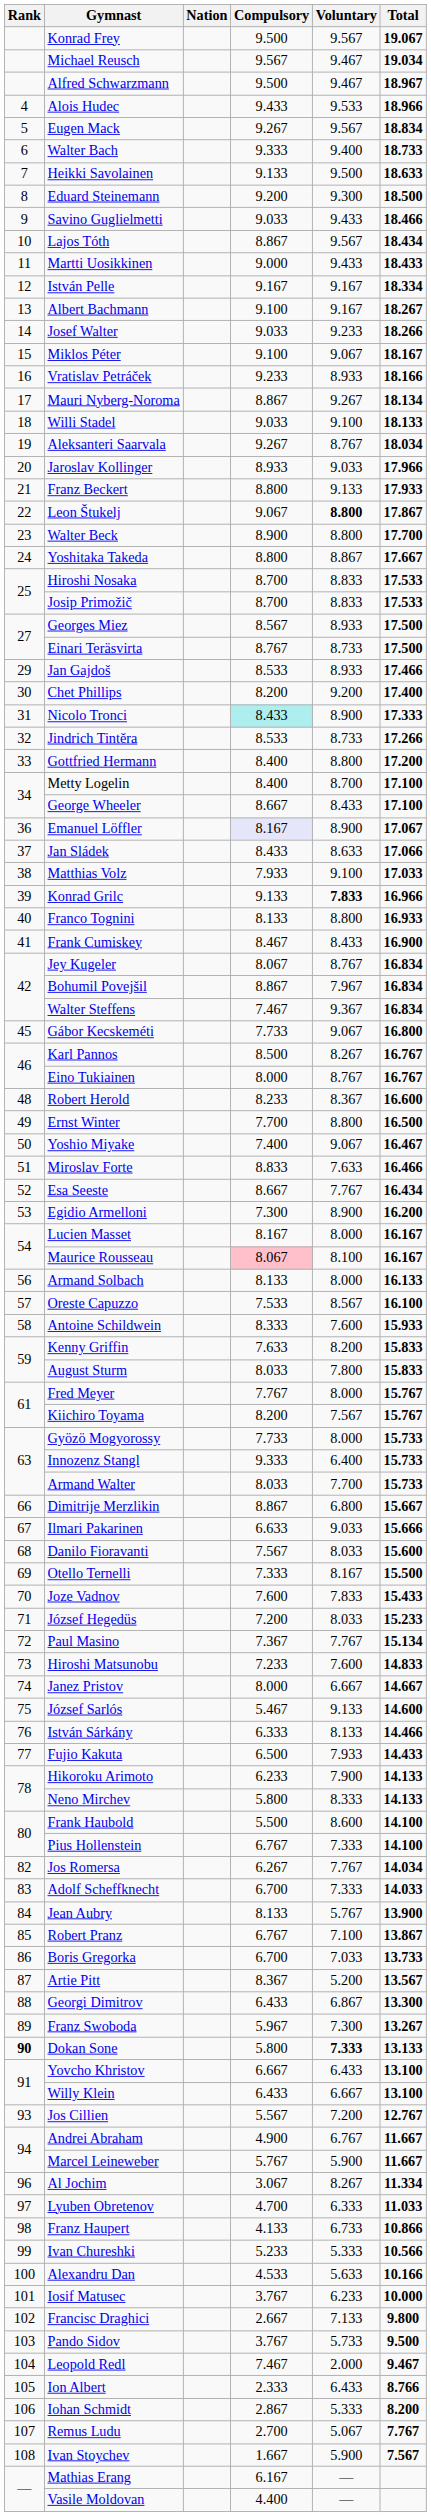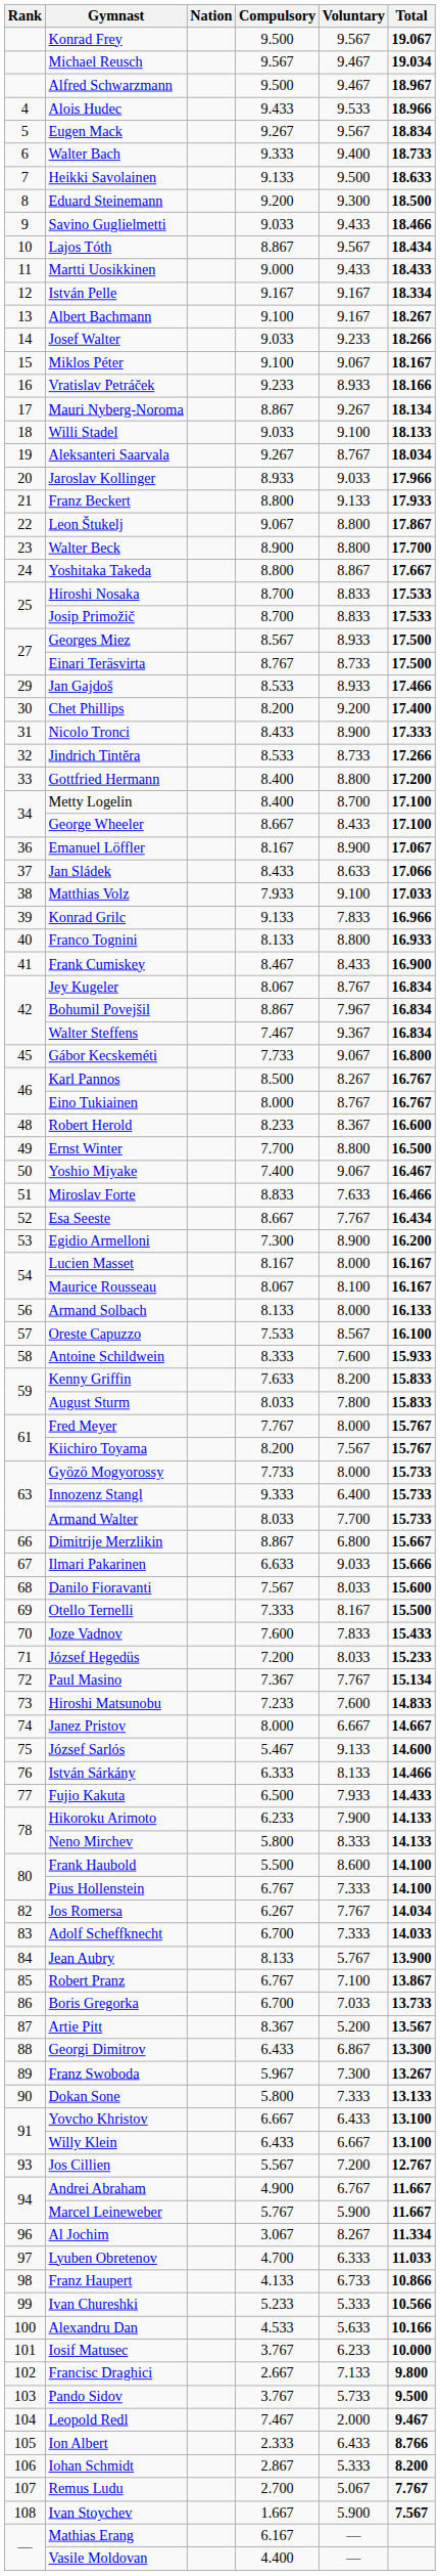 <table class="wikitable sortable" style="text-align:center">
 <tr>
 <th>Rank</th>
 <th>Gymnast</th>
 <th>Nation</th>
 <th>Compulsory</th>
 <th>Voluntary</th>
 <th>Total</th>
 </tr>
 <tr>
 <td></td>
 <td align=left><a href='#'>Konrad Frey</a></td>
 <td align=left></td>
 <td>9.500</td>
 <td>9.567</td>
 <td><strong>19.067</strong></td>
 </tr>
 <tr>
 <td></td>
 <td align=left><a href='#'>Michael Reusch</a></td>
 <td align=left></td>
 <td>9.567</td>
 <td>9.467</td>
 <td><strong>19.034</strong></td>
 </tr>
 <tr>
 <td></td>
 <td align=left><a href='#'>Alfred Schwarzmann</a></td>
 <td align=left></td>
 <td>9.500</td>
 <td>9.467</td>
 <td><strong>18.967</strong></td>
 </tr>
 <tr>
 <td>4</td>
 <td align=left><a href='#'>Alois Hudec</a></td>
 <td align=left></td>
 <td>9.433</td>
 <td>9.533</td>
 <td><strong>18.966</strong></td>
 </tr>
 <tr>
 <td>5</td>
 <td align=left><a href='#'>Eugen Mack</a></td>
 <td align=left></td>
 <td>9.267</td>
 <td>9.567</td>
 <td><strong>18.834</strong></td>
 </tr>
 <tr>
 <td>6</td>
 <td align=left><a href='#'>Walter Bach</a></td>
 <td align=left></td>
 <td>9.333</td>
 <td>9.400</td>
 <td><strong>18.733</strong></td>
 </tr>
 <tr>
 <td>7</td>
 <td align=left><a href='#'>Heikki Savolainen</a></td>
 <td align=left></td>
 <td>9.133</td>
 <td>9.500</td>
 <td><strong>18.633</strong></td>
 </tr>
 <tr>
 <td>8</td>
 <td align=left><a href='#'>Eduard Steinemann</a></td>
 <td align=left></td>
 <td>9.200</td>
 <td>9.300</td>
 <td><strong>18.500</strong></td>
 </tr>
 <tr>
 <td>9</td>
 <td align=left><a href='#'>Savino Guglielmetti</a></td>
 <td align=left></td>
 <td>9.033</td>
 <td>9.433</td>
 <td><strong>18.466</strong></td>
 </tr>
 <tr>
 <td>10</td>
 <td align=left><a href='#'>Lajos Tóth</a></td>
 <td align=left></td>
 <td>8.867</td>
 <td>9.567</td>
 <td><strong>18.434</strong></td>
 </tr>
 <tr>
 <td>11</td>
 <td align=left><a href='#'>Martti Uosikkinen</a></td>
 <td align=left></td>
 <td>9.000</td>
 <td>9.433</td>
 <td><strong>18.433</strong></td>
 </tr>
 <tr>
 <td>12</td>
 <td align=left><a href='#'>István Pelle</a></td>
 <td align=left></td>
 <td>9.167</td>
 <td>9.167</td>
 <td><strong>18.334</strong></td>
 </tr>
 <tr>
 <td>13</td>
 <td align=left><a href='#'>Albert Bachmann</a></td>
 <td align=left></td>
 <td>9.100</td>
 <td>9.167</td>
 <td><strong>18.267</strong></td>
 </tr>
 <tr>
 <td>14</td>
 <td align=left><a href='#'>Josef Walter</a></td>
 <td align=left></td>
 <td>9.033</td>
 <td>9.233</td>
 <td><strong>18.266</strong></td>
 </tr>
 <tr>
 <td>15</td>
 <td align=left><a href='#'>Miklos Péter</a></td>
 <td align=left></td>
 <td>9.100</td>
 <td>9.067</td>
 <td><strong>18.167</strong></td>
 </tr>
 <tr>
 <td>16</td>
 <td align=left><a href='#'>Vratislav Petráček</a></td>
 <td align=left></td>
 <td>9.233</td>
 <td>8.933</td>
 <td><strong>18.166</strong></td>
 </tr>
 <tr>
 <td>17</td>
 <td align=left><a href='#'>Mauri Nyberg-Noroma</a></td>
 <td align=left></td>
 <td>8.867</td>
 <td>9.267</td>
 <td><strong>18.134</strong></td>
 </tr>
 <tr>
 <td>18</td>
 <td align=left><a href='#'>Willi Stadel</a></td>
 <td align=left></td>
 <td>9.033</td>
 <td>9.100</td>
 <td><strong>18.133</strong></td>
 </tr>
 <tr>
 <td>19</td>
 <td align=left><a href='#'>Aleksanteri Saarvala</a></td>
 <td align=left></td>
 <td>9.267</td>
 <td>8.767</td>
 <td><strong>18.034</strong></td>
 </tr>
 <tr>
 <td>20</td>
 <td align=left><a href='#'>Jaroslav Kollinger</a></td>
 <td align=left></td>
 <td>8.933</td>
 <td>9.033</td>
 <td><strong>17.966</strong></td>
 </tr>
 <tr>
 <td>21</td>
 <td align=left><a href='#'>Franz Beckert</a></td>
 <td align=left></td>
 <td>8.800</td>
 <td>9.133</td>
 <td><strong>17.933</strong></td>
 </tr>
 <tr>
 <td>22</td>
 <td align=left><a href='#'>Leon Štukelj</a></td>
 <td align=left></td>
 <td>9.067</td>
-<td><strong>8.800</strong></td>
+<td>8.800</td>
 <td><strong>17.867</strong></td>
 </tr>
 <tr>
 <td>23</td>
 <td align=left><a href='#'>Walter Beck</a></td>
 <td align=left></td>
 <td>8.900</td>
 <td>8.800</td>
 <td><strong>17.700</strong></td>
 </tr>
 <tr>
 <td>24</td>
 <td align=left><a href='#'>Yoshitaka Takeda</a></td>
 <td align=left></td>
 <td>8.800</td>
 <td>8.867</td>
 <td><strong>17.667</strong></td>
 </tr>
 <tr>
 <td rowspan=2>25</td>
 <td align=left><a href='#'>Hiroshi Nosaka</a></td>
 <td align=left></td>
 <td>8.700</td>
 <td>8.833</td>
 <td><strong>17.533</strong></td>
 </tr>
 <tr>
 <td align=left><a href='#'>Josip Primožič</a></td>
 <td align=left></td>
 <td>8.700</td>
 <td>8.833</td>
 <td><strong>17.533</strong></td>
 </tr>
 <tr>
 <td rowspan=2>27</td>
 <td align=left><a href='#'>Georges Miez</a></td>
 <td align=left></td>
 <td>8.567</td>
 <td>8.933</td>
 <td><strong>17.500</strong></td>
 </tr>
 <tr>
 <td align=left><a href='#'>Einari Teräsvirta</a></td>
 <td align=left></td>
 <td>8.767</td>
 <td>8.733</td>
 <td><strong>17.500</strong></td>
 </tr>
 <tr>
 <td>29</td>
 <td align=left><a href='#'>Jan Gajdoš</a></td>
 <td align=left></td>
 <td>8.533</td>
 <td>8.933</td>
 <td><strong>17.466</strong></td>
 </tr>
 <tr>
 <td>30</td>
 <td align=left><a href='#'>Chet Phillips</a></td>
 <td align=left></td>
 <td>8.200</td>
 <td>9.200</td>
 <td><strong>17.400</strong></td>
 </tr>
 <tr>
 <td>31</td>
 <td align=left><a href='#'>Nicolo Tronci</a></td>
 <td align=left></td>
-<td style="background: paleturquoise;">8.433</td>
+<td>8.433</td>
 <td>8.900</td>
 <td><strong>17.333</strong></td>
 </tr>
 <tr>
 <td>32</td>
 <td align=left><a href='#'>Jindrich Tintěra</a></td>
 <td align=left></td>
 <td>8.533</td>
 <td>8.733</td>
 <td><strong>17.266</strong></td>
 </tr>
 <tr>
 <td>33</td>
 <td align=left><a href='#'>Gottfried Hermann</a></td>
 <td align=left></td>
 <td>8.400</td>
 <td>8.800</td>
 <td><strong>17.200</strong></td>
 </tr>
 <tr>
 <td rowspan=2>34</td>
 <td align=left>Metty Logelin</td>
 <td align=left></td>
 <td>8.400</td>
 <td>8.700</td>
 <td><strong>17.100</strong></td>
 </tr>
 <tr>
 <td align=left><a href='#'>George Wheeler</a></td>
 <td align=left></td>
 <td>8.667</td>
 <td>8.433</td>
 <td><strong>17.100</strong></td>
 </tr>
 <tr>
 <td>36</td>
 <td align=left><a href='#'>Emanuel Löffler</a></td>
 <td align=left></td>
-<td style="background: lavender;">8.167</td>
+<td>8.167</td>
 <td>8.900</td>
 <td><strong>17.067</strong></td>
 </tr>
 <tr>
 <td>37</td>
 <td align=left><a href='#'>Jan Sládek</a></td>
 <td align=left></td>
 <td>8.433</td>
 <td>8.633</td>
 <td><strong>17.066</strong></td>
 </tr>
 <tr>
 <td>38</td>
 <td align=left><a href='#'>Matthias Volz</a></td>
 <td align=left></td>
 <td>7.933</td>
 <td>9.100</td>
 <td><strong>17.033</strong></td>
 </tr>
 <tr>
 <td>39</td>
 <td align=left><a href='#'>Konrad Grilc</a></td>
 <td align=left></td>
 <td>9.133</td>
-<td><strong>7.833</strong></td>
+<td>7.833</td>
 <td><strong>16.966</strong></td>
 </tr>
 <tr>
 <td>40</td>
 <td align=left><a href='#'>Franco Tognini</a></td>
 <td align=left></td>
 <td>8.133</td>
 <td>8.800</td>
 <td><strong>16.933</strong></td>
 </tr>
 <tr>
 <td>41</td>
 <td align=left><a href='#'>Frank Cumiskey</a></td>
 <td align=left></td>
 <td>8.467</td>
 <td>8.433</td>
 <td><strong>16.900</strong></td>
 </tr>
 <tr>
 <td rowspan=3>42</td>
 <td align=left><a href='#'>Jey Kugeler</a></td>
 <td align=left></td>
 <td>8.067</td>
 <td>8.767</td>
 <td><strong>16.834</strong></td>
 </tr>
 <tr>
 <td align=left><a href='#'>Bohumil Povejšil</a></td>
 <td align=left></td>
 <td>8.867</td>
 <td>7.967</td>
 <td><strong>16.834</strong></td>
 </tr>
 <tr>
 <td align=left><a href='#'>Walter Steffens</a></td>
 <td align=left></td>
 <td>7.467</td>
 <td>9.367</td>
 <td><strong>16.834</strong></td>
 </tr>
 <tr>
 <td>45</td>
 <td align=left><a href='#'>Gábor Kecskeméti</a></td>
 <td align=left></td>
 <td>7.733</td>
 <td>9.067</td>
 <td><strong>16.800</strong></td>
 </tr>
 <tr>
 <td rowspan=2>46</td>
 <td align=left><a href='#'>Karl Pannos</a></td>
 <td align=left></td>
 <td>8.500</td>
 <td>8.267</td>
 <td><strong>16.767</strong></td>
 </tr>
 <tr>
 <td align=left><a href='#'>Eino Tukiainen</a></td>
 <td align=left></td>
 <td>8.000</td>
 <td>8.767</td>
 <td><strong>16.767</strong></td>
 </tr>
 <tr>
 <td>48</td>
 <td align=left><a href='#'>Robert Herold</a></td>
 <td align=left></td>
 <td>8.233</td>
 <td>8.367</td>
 <td><strong>16.600</strong></td>
 </tr>
 <tr>
 <td>49</td>
 <td align=left><a href='#'>Ernst Winter</a></td>
 <td align=left></td>
 <td>7.700</td>
 <td>8.800</td>
 <td><strong>16.500</strong></td>
 </tr>
 <tr>
 <td>50</td>
 <td align=left><a href='#'>Yoshio Miyake</a></td>
 <td align=left></td>
 <td>7.400</td>
 <td>9.067</td>
 <td><strong>16.467</strong></td>
 </tr>
 <tr>
 <td>51</td>
 <td align=left><a href='#'>Miroslav Forte</a></td>
 <td align=left></td>
 <td>8.833</td>
 <td>7.633</td>
 <td><strong>16.466</strong></td>
 </tr>
 <tr>
 <td>52</td>
 <td align=left><a href='#'>Esa Seeste</a></td>
 <td align=left></td>
 <td>8.667</td>
 <td>7.767</td>
 <td><strong>16.434</strong></td>
 </tr>
 <tr>
 <td>53</td>
 <td align=left><a href='#'>Egidio Armelloni</a></td>
 <td align=left></td>
 <td>7.300</td>
 <td>8.900</td>
 <td><strong>16.200</strong></td>
 </tr>
 <tr>
 <td rowspan=2>54</td>
 <td align=left><a href='#'>Lucien Masset</a></td>
 <td align=left></td>
 <td>8.167</td>
 <td>8.000</td>
 <td><strong>16.167</strong></td>
 </tr>
 <tr>
 <td align=left><a href='#'>Maurice Rousseau</a></td>
 <td align=left></td>
-<td style="background: pink;">8.067</td>
+<td>8.067</td>
 <td>8.100</td>
 <td><strong>16.167</strong></td>
 </tr>
 <tr>
 <td>56</td>
 <td align=left><a href='#'>Armand Solbach</a></td>
 <td align=left></td>
 <td>8.133</td>
 <td>8.000</td>
 <td><strong>16.133</strong></td>
 </tr>
 <tr>
 <td>57</td>
 <td align=left><a href='#'>Oreste Capuzzo</a></td>
 <td align=left></td>
 <td>7.533</td>
 <td>8.567</td>
 <td><strong>16.100</strong></td>
 </tr>
 <tr>
 <td>58</td>
 <td align=left><a href='#'>Antoine Schildwein</a></td>
 <td align=left></td>
 <td>8.333</td>
 <td>7.600</td>
 <td><strong>15.933</strong></td>
 </tr>
 <tr>
 <td rowspan=2>59</td>
 <td align=left><a href='#'>Kenny Griffin</a></td>
 <td align=left></td>
 <td>7.633</td>
 <td>8.200</td>
 <td><strong>15.833</strong></td>
 </tr>
 <tr>
 <td align=left><a href='#'>August Sturm</a></td>
 <td align=left></td>
 <td>8.033</td>
 <td>7.800</td>
 <td><strong>15.833</strong></td>
 </tr>
 <tr>
 <td rowspan=2>61</td>
 <td align=left><a href='#'>Fred Meyer</a></td>
 <td align=left></td>
 <td>7.767</td>
 <td>8.000</td>
 <td><strong>15.767</strong></td>
 </tr>
 <tr>
 <td align=left><a href='#'>Kiichiro Toyama</a></td>
 <td align=left></td>
 <td>8.200</td>
 <td>7.567</td>
 <td><strong>15.767</strong></td>
 </tr>
 <tr>
 <td rowspan=3>63</td>
 <td align=left><a href='#'>Gyözö Mogyorossy</a></td>
 <td align=left></td>
 <td>7.733</td>
 <td>8.000</td>
 <td><strong>15.733</strong></td>
 </tr>
 <tr>
 <td align=left><a href='#'>Innozenz Stangl</a></td>
 <td align=left></td>
 <td>9.333</td>
 <td>6.400</td>
 <td><strong>15.733</strong></td>
 </tr>
 <tr>
 <td align=left><a href='#'>Armand Walter</a></td>
 <td align=left></td>
 <td>8.033</td>
 <td>7.700</td>
 <td><strong>15.733</strong></td>
 </tr>
 <tr>
 <td>66</td>
 <td align=left><a href='#'>Dimitrije Merzlikin</a></td>
 <td align=left></td>
 <td>8.867</td>
 <td>6.800</td>
 <td><strong>15.667</strong></td>
 </tr>
 <tr>
 <td>67</td>
 <td align=left><a href='#'>Ilmari Pakarinen</a></td>
 <td align=left></td>
 <td>6.633</td>
 <td>9.033</td>
 <td><strong>15.666</strong></td>
 </tr>
 <tr>
 <td>68</td>
 <td align=left><a href='#'>Danilo Fioravanti</a></td>
 <td align=left></td>
 <td>7.567</td>
 <td>8.033</td>
 <td><strong>15.600</strong></td>
 </tr>
 <tr>
 <td>69</td>
 <td align=left><a href='#'>Otello Ternelli</a></td>
 <td align=left></td>
 <td>7.333</td>
 <td>8.167</td>
 <td><strong>15.500</strong></td>
 </tr>
 <tr>
 <td>70</td>
 <td align=left><a href='#'>Joze Vadnov</a></td>
 <td align=left></td>
 <td>7.600</td>
 <td>7.833</td>
 <td><strong>15.433</strong></td>
 </tr>
 <tr>
 <td>71</td>
 <td align=left><a href='#'>József Hegedüs</a></td>
 <td align=left></td>
 <td>7.200</td>
 <td>8.033</td>
 <td><strong>15.233</strong></td>
 </tr>
 <tr>
 <td>72</td>
 <td align=left><a href='#'>Paul Masino</a></td>
 <td align=left></td>
 <td>7.367</td>
 <td>7.767</td>
 <td><strong>15.134</strong></td>
 </tr>
 <tr>
 <td>73</td>
 <td align=left><a href='#'>Hiroshi Matsunobu</a></td>
 <td align=left></td>
 <td>7.233</td>
 <td>7.600</td>
 <td><strong>14.833</strong></td>
 </tr>
 <tr>
 <td>74</td>
 <td align=left><a href='#'>Janez Pristov</a></td>
 <td align=left></td>
 <td>8.000</td>
 <td>6.667</td>
 <td><strong>14.667</strong></td>
 </tr>
 <tr>
 <td>75</td>
 <td align=left><a href='#'>József Sarlós</a></td>
 <td align=left></td>
 <td>5.467</td>
 <td>9.133</td>
 <td><strong>14.600</strong></td>
 </tr>
 <tr>
 <td>76</td>
 <td align=left><a href='#'>István Sárkány</a></td>
 <td align=left></td>
 <td>6.333</td>
 <td>8.133</td>
 <td><strong>14.466</strong></td>
 </tr>
 <tr>
 <td>77</td>
 <td align=left><a href='#'>Fujio Kakuta</a></td>
 <td align=left></td>
 <td>6.500</td>
 <td>7.933</td>
 <td><strong>14.433</strong></td>
 </tr>
 <tr>
 <td rowspan=2>78</td>
 <td align=left><a href='#'>Hikoroku Arimoto</a></td>
 <td align=left></td>
 <td>6.233</td>
 <td>7.900</td>
 <td><strong>14.133</strong></td>
 </tr>
 <tr>
 <td align=left><a href='#'>Neno Mirchev</a></td>
 <td align=left></td>
 <td>5.800</td>
 <td>8.333</td>
 <td><strong>14.133</strong></td>
 </tr>
 <tr>
 <td rowspan=2>80</td>
 <td align=left><a href='#'>Frank Haubold</a></td>
 <td align=left></td>
 <td>5.500</td>
 <td>8.600</td>
 <td><strong>14.100</strong></td>
 </tr>
 <tr>
 <td align=left><a href='#'>Pius Hollenstein</a></td>
 <td align=left></td>
 <td>6.767</td>
 <td>7.333</td>
 <td><strong>14.100</strong></td>
 </tr>
 <tr>
 <td>82</td>
 <td align=left><a href='#'>Jos Romersa</a></td>
 <td align=left></td>
 <td>6.267</td>
 <td>7.767</td>
 <td><strong>14.034</strong></td>
 </tr>
 <tr>
 <td>83</td>
 <td align=left><a href='#'>Adolf Scheffknecht</a></td>
 <td align=left></td>
 <td>6.700</td>
 <td>7.333</td>
 <td><strong>14.033</strong></td>
 </tr>
 <tr>
 <td>84</td>
 <td align=left><a href='#'>Jean Aubry</a></td>
 <td align=left></td>
 <td>8.133</td>
 <td>5.767</td>
 <td><strong>13.900</strong></td>
 </tr>
 <tr>
 <td>85</td>
 <td align=left><a href='#'>Robert Pranz</a></td>
 <td align=left></td>
 <td>6.767</td>
 <td>7.100</td>
 <td><strong>13.867</strong></td>
 </tr>
 <tr>
 <td>86</td>
 <td align=left><a href='#'>Boris Gregorka</a></td>
 <td align=left></td>
 <td>6.700</td>
 <td>7.033</td>
 <td><strong>13.733</strong></td>
 </tr>
 <tr>
 <td>87</td>
 <td align=left><a href='#'>Artie Pitt</a></td>
 <td align=left></td>
 <td>8.367</td>
 <td>5.200</td>
 <td><strong>13.567</strong></td>
 </tr>
 <tr>
 <td>88</td>
 <td align=left><a href='#'>Georgi Dimitrov</a></td>
 <td align=left></td>
 <td>6.433</td>
 <td>6.867</td>
 <td><strong>13.300</strong></td>
 </tr>
 <tr>
 <td>89</td>
 <td align=left><a href='#'>Franz Swoboda</a></td>
 <td align=left></td>
 <td>5.967</td>
 <td>7.300</td>
 <td><strong>13.267</strong></td>
 </tr>
 <tr>
-<td><strong>90</strong></td>
+<td>90</td>
 <td align=left><a href='#'>Dokan Sone</a></td>
 <td align=left></td>
 <td>5.800</td>
-<td><strong>7.333</strong></td>
+<td>7.333</td>
 <td><strong>13.133</strong></td>
 </tr>
 <tr>
 <td rowspan=2>91</td>
 <td align=left><a href='#'>Yovcho Khristov</a></td>
 <td align=left></td>
 <td>6.667</td>
 <td>6.433</td>
 <td><strong>13.100</strong></td>
 </tr>
 <tr>
 <td align=left><a href='#'>Willy Klein</a></td>
 <td align=left></td>
 <td>6.433</td>
 <td>6.667</td>
 <td><strong>13.100</strong></td>
 </tr>
 <tr>
 <td>93</td>
 <td align=left><a href='#'>Jos Cillien</a></td>
 <td align=left></td>
 <td>5.567</td>
 <td>7.200</td>
 <td><strong>12.767</strong></td>
 </tr>
 <tr>
 <td rowspan=2>94</td>
 <td align=left><a href='#'>Andrei Abraham</a></td>
 <td align=left></td>
 <td>4.900</td>
 <td>6.767</td>
 <td><strong>11.667</strong></td>
 </tr>
 <tr>
 <td align=left><a href='#'>Marcel Leineweber</a></td>
 <td align=left></td>
 <td>5.767</td>
 <td>5.900</td>
 <td><strong>11.667</strong></td>
 </tr>
 <tr>
 <td>96</td>
 <td align=left><a href='#'>Al Jochim</a></td>
 <td align=left></td>
 <td>3.067</td>
 <td>8.267</td>
 <td><strong>11.334</strong></td>
 </tr>
 <tr>
 <td>97</td>
 <td align=left><a href='#'>Lyuben Obretenov</a></td>
 <td align=left></td>
 <td>4.700</td>
 <td>6.333</td>
 <td><strong>11.033</strong></td>
 </tr>
 <tr>
 <td>98</td>
 <td align=left><a href='#'>Franz Haupert</a></td>
 <td align=left></td>
 <td>4.133</td>
 <td>6.733</td>
 <td><strong>10.866</strong></td>
 </tr>
 <tr>
 <td>99</td>
 <td align=left><a href='#'>Ivan Chureshki</a></td>
 <td align=left></td>
 <td>5.233</td>
 <td>5.333</td>
 <td><strong>10.566</strong></td>
 </tr>
 <tr>
 <td>100</td>
 <td align=left><a href='#'>Alexandru Dan</a></td>
 <td align=left></td>
 <td>4.533</td>
 <td>5.633</td>
 <td><strong>10.166</strong></td>
 </tr>
 <tr>
 <td>101</td>
 <td align=left><a href='#'>Iosif Matusec</a></td>
 <td align=left></td>
 <td>3.767</td>
 <td>6.233</td>
 <td><strong>10.000</strong></td>
 </tr>
 <tr>
 <td>102</td>
 <td align=left><a href='#'>Francisc Draghici</a></td>
 <td align=left></td>
 <td>2.667</td>
 <td>7.133</td>
 <td><strong>9.800</strong></td>
 </tr>
 <tr>
 <td>103</td>
 <td align=left><a href='#'>Pando Sidov</a></td>
 <td align=left></td>
 <td>3.767</td>
 <td>5.733</td>
 <td><strong>9.500</strong></td>
 </tr>
 <tr>
 <td>104</td>
 <td align=left><a href='#'>Leopold Redl</a></td>
 <td align=left></td>
 <td>7.467</td>
 <td>2.000</td>
 <td><strong>9.467</strong></td>
 </tr>
 <tr>
 <td>105</td>
 <td align=left><a href='#'>Ion Albert</a></td>
 <td align=left></td>
 <td>2.333</td>
 <td>6.433</td>
 <td><strong>8.766</strong></td>
 </tr>
 <tr>
 <td>106</td>
 <td align=left><a href='#'>Iohan Schmidt</a></td>
 <td align=left></td>
 <td>2.867</td>
 <td>5.333</td>
 <td><strong>8.200</strong></td>
 </tr>
 <tr>
 <td>107</td>
 <td align=left><a href='#'>Remus Ludu</a></td>
 <td align=left></td>
 <td>2.700</td>
 <td>5.067</td>
 <td><strong>7.767</strong></td>
 </tr>
 <tr>
 <td>108</td>
 <td align=left><a href='#'>Ivan Stoychev</a></td>
 <td align=left></td>
 <td>1.667</td>
 <td>5.900</td>
 <td><strong>7.567</strong></td>
 </tr>
 <tr>
 <td rowspan=2>—</td>
 <td align=left><a href='#'>Mathias Erang</a></td>
 <td align=left></td>
 <td>6.167</td>
 <td data-sort-value=0.000>—</td>
 <td></td>
 </tr>
 <tr>
 <td align=left><a href='#'>Vasile Moldovan</a></td>
 <td align=left></td>
 <td>4.400</td>
 <td data-sort-value=0.000>—</td>
 <td></td>
 </tr>
 </table>
